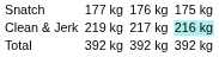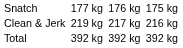 <table>
 <tr>
 <td>Snatch</td>
 <td></td>
 <td>177 kg</td>
 <td></td>
 <td>176 kg</td>
 <td></td>
 <td>175 kg</td>
 </tr>
 <tr>
 <td>Clean & Jerk</td>
 <td></td>
 <td>219 kg</td>
 <td></td>
 <td>217 kg</td>
 <td></td>
-<td style="background: paleturquoise;">216 kg</td>
+<td>216 kg</td>
 </tr>
 <tr>
 <td>Total</td>
 <td></td>
 <td>392 kg</td>
 <td></td>
 <td>392 kg</td>
 <td></td>
 <td>392 kg</td>
 </tr>
 </table>
